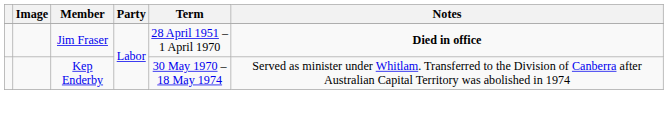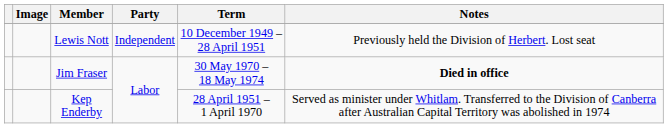 <table class=wikitable style="text-align:center">
 <tr>
 <th></th>
 <th>Image</th>
 <th>Member</th>
 <th>Party</th>
 <th>Term</th>
 <th>Notes</th>
 </tr>
 <tr>
 </tr>
 <tr>
 <td> </td>
 <td></td>
+<td><a href='#'>Lewis Nott</a><br></td>
+<td><a href='#'>Independent</a></td>
+<td nowrap><a href='#'>10 December 1949</a> –<br><a href='#'>28 April 1951</a></td>
+<td>Previously held the Division of <a href='#'>Herbert</a>. Lost seat</td>
+</tr>
+<tr>
+<td> </td>
+<td></td>
 <td><a href='#'>Jim Fraser</a><br></td>
 <td rowspan="2"><a href='#'>Labor</a></td>
-<td nowrap><a href='#'>28 April 1951</a> –<br>1 April 1970</td>
+<td nowrap><a href='#'>30 May 1970</a> –<br><a href='#'>18 May 1974</a></td>
 <td><strong>Died in office</strong></td>
 </tr>
 <tr>
 <td> </td>
 <td></td>
 <td><a href='#'>Kep Enderby</a><br></td>
-<td nowrap><a href='#'>30 May 1970</a> –<br><a href='#'>18 May 1974</a></td>
+<td nowrap><a href='#'>28 April 1951</a> –<br>1 April 1970</td>
 <td>Served as minister under <a href='#'>Whitlam</a>. Transferred to the Division of <a href='#'>Canberra</a> after Australian Capital Territory was abolished in 1974</td>
 </tr>
 </table>
